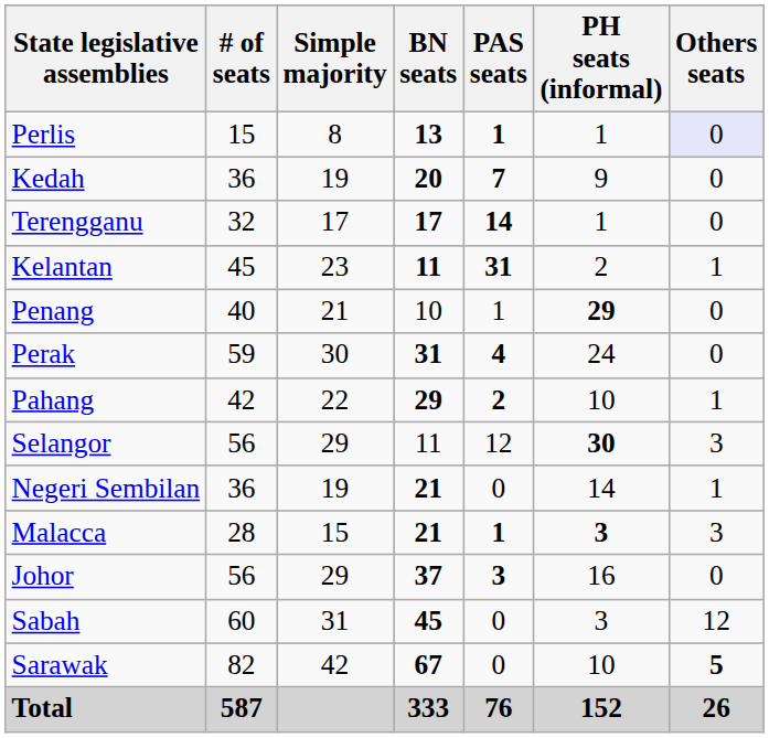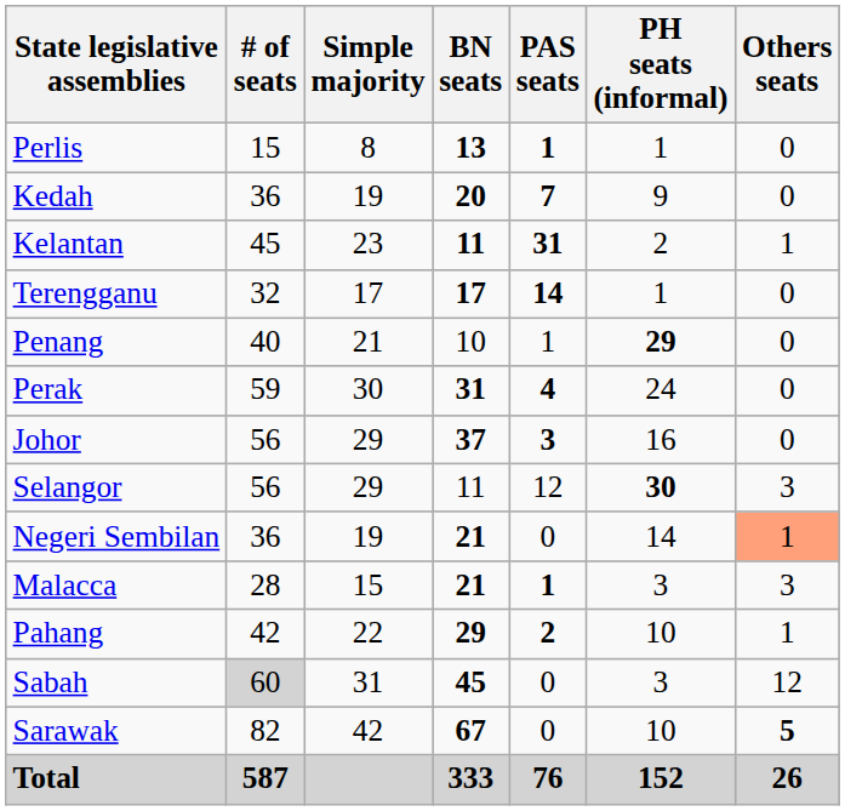 <table class="wikitable sortable" style="text-align:center">
 <tr>
 <th>State legislative<br>assemblies</th>
 <th># of<br>seats</th>
 <th>Simple<br>majority</th>
 <th>BN<br>seats</th>
 <th>PAS<br>seats</th>
 <th>PH<br>seats<br>(informal)</th>
 <th>Others<br>seats</th>
 </tr>
 <tr>
 <td style="text-align:left"> <a href='#'>Perlis</a></td>
 <td>15</td>
 <td>8</td>
 <td><strong>13</strong></td>
 <td><strong>1</strong></td>
 <td>1</td>
-<td style="background: lavender;">0</td>
+<td>0</td>
 </tr>
 <tr>
 <td style="text-align:left"> <a href='#'>Kedah</a></td>
 <td>36</td>
 <td>19</td>
 <td><strong>20</strong></td>
 <td><strong>7</strong></td>
 <td>9</td>
 <td>0</td>
 </tr>
 <tr>
+<td style="text-align:left"> <a href='#'>Kelantan</a></td>
+<td>45</td>
+<td>23</td>
+<td><strong>11</strong></td>
+<td><strong>31</strong></td>
+<td>2</td>
+<td>1 <small></small></td>
+</tr>
+<tr>
 <td style="text-align:left"> <a href='#'>Terengganu</a></td>
 <td>32</td>
 <td>17</td>
 <td><strong>17</strong></td>
 <td><strong>14</strong></td>
 <td>1</td>
 <td>0</td>
-</tr>
-<tr>
-<td style="text-align:left"> <a href='#'>Kelantan</a></td>
-<td>45</td>
-<td>23</td>
-<td><strong>11</strong></td>
-<td><strong>31</strong></td>
-<td>2</td>
-<td>1 <small></small></td>
 </tr>
 <tr>
 <td style="text-align:left"> <a href='#'>Penang</a></td>
 <td>40</td>
 <td>21</td>
 <td>10</td>
 <td>1</td>
 <td><strong>29</strong></td>
 <td>0</td>
 </tr>
 <tr>
 <td style="text-align:left"> <a href='#'>Perak</a></td>
 <td>59</td>
 <td>30</td>
 <td><strong>31</strong></td>
 <td><strong>4</strong></td>
 <td>24</td>
 <td>0</td>
 </tr>
 <tr>
-<td style="text-align:left"> <a href='#'>Pahang</a></td>
-<td>42</td>
-<td>22</td>
-<td><strong>29</strong></td>
-<td><strong>2</strong></td>
-<td>10</td>
-<td>1 <small></small></td>
+<td style="text-align:left"> <a href='#'>Johor</a></td>
+<td>56</td>
+<td>29</td>
+<td><strong>37</strong></td>
+<td><strong>3</strong></td>
+<td>16</td>
+<td>0</td>
 </tr>
 <tr>
 <td style="text-align:left"> <a href='#'>Selangor</a></td>
 <td>56</td>
 <td>29</td>
 <td>11</td>
 <td>12</td>
 <td><strong>30</strong></td>
 <td>3 <small></small><small></small></td>
 </tr>
 <tr>
 <td style="text-align:left"> <a href='#'>Negeri Sembilan</a></td>
 <td>36</td>
 <td>19</td>
 <td><strong>21</strong></td>
 <td>0</td>
 <td>14</td>
-<td>1 <small></small></td>
+<td style="background: lightsalmon;">1 <small></small></td>
 </tr>
 <tr>
 <td style="text-align:left"> <a href='#'>Malacca</a></td>
 <td>28</td>
 <td>15</td>
 <td><strong>21</strong></td>
 <td><strong>1</strong></td>
-<td><strong>3</strong></td>
+<td>3</td>
 <td>3 <small></small></td>
 </tr>
 <tr>
-<td style="text-align:left"> <a href='#'>Johor</a></td>
-<td>56</td>
-<td>29</td>
-<td><strong>37</strong></td>
-<td><strong>3</strong></td>
-<td>16</td>
-<td>0</td>
+<td style="text-align:left"> <a href='#'>Pahang</a></td>
+<td>42</td>
+<td>22</td>
+<td><strong>29</strong></td>
+<td><strong>2</strong></td>
+<td>10</td>
+<td>1 <small></small></td>
 </tr>
 <tr>
 <td style="text-align:left"> <a href='#'>Sabah</a></td>
-<td>60</td>
+<td style="background: lightgrey;">60</td>
 <td>31</td>
 <td><strong>45</strong></td>
 <td>0</td>
 <td>3</td>
 <td>12 <small></small><small></small><small></small><small></small><small></small><small></small></td>
 </tr>
 <tr>
 <td style="text-align:left"> <a href='#'>Sarawak</a></td>
 <td>82</td>
 <td>42</td>
 <td><strong>67</strong></td>
 <td>0</td>
 <td>10</td>
 <td><strong>5</strong> <small></small></td>
 </tr>
 <tr class="sortbottom" bgcolor="lightgrey">
 <td style="text-align:left"><strong>Total</strong></td>
 <td><strong>587</strong></td>
 <td></td>
 <td><span><strong>333</strong></span></td>
 <td><span><strong>76</strong></span></td>
 <td><span><strong>152</strong></span></td>
 <td><span><strong>26</strong></span></td>
 </tr>
 </table>
